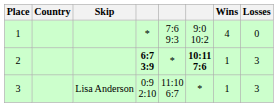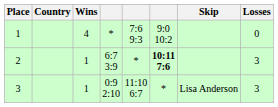 <table class="wikitable" style="text-align:center;">
 <tr>
 <th>Place</th>
 <th>Country</th>
-<th>Skip</th>
+<th>Wins</th>
 <th width="25"></th>
 <th width="25"></th>
 <th width="25"></th>
-<th>Wins</th>
+<th>Skip</th>
 <th>Losses</th>
 </tr>
 <tr bgcolor=#ccffcc>
 <td>1</td>
 <td align=left></td>
-<td align=left></td>
+<td>4</td>
 <td>*</td>
 <td>7:6<br> 9:3</td>
 <td>9:0<br>10:2</td>
-<td>4</td>
+<td align=left></td>
 <td>0</td>
 </tr>
 <tr bgcolor=#ccffcc>
 <td>2</td>
 <td align=left></td>
-<td align=left></td>
-<td><strong>6:7<br> 3:9</strong></td>
+<td>1</td>
+<td>6:7<br> 3:9</td>
 <td>*</td>
 <td><strong>10:11<br> 7:6</strong></td>
-<td>1</td>
+<td align=left></td>
 <td>3</td>
 </tr>
 <tr bgcolor=#ccffcc>
 <td>3</td>
 <td align=left></td>
-<td align=left>Lisa Anderson</td>
+<td>1</td>
 <td>0:9<br>2:10</td>
 <td>11:10<br> 6:7</td>
 <td>*</td>
-<td>1</td>
+<td align=left>Lisa Anderson</td>
 <td>3</td>
 </tr>
 </table>
